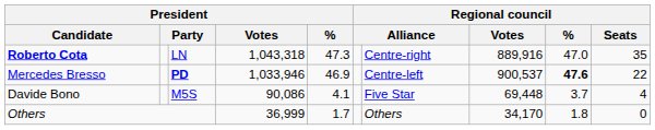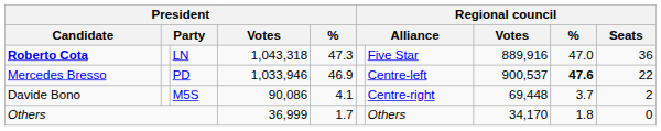 <table class="wikitable" style="text-align:right; style="width=65%">
 <tr>
 <th colspan="5">President</th>
 <th colspan="7">Regional council</th>
 </tr>
 <tr>
 <th>Candidate</th>
 <th colspan="2">Party</th>
 <th>Votes</th>
 <th>%</th>
 <th colspan="2">Alliance</th>
 <th>Votes</th>
 <th>%</th>
 <th>Seats</th>
 </tr>
 <tr>
 <td style="text-align:left"><strong><a href='#'>Roberto Cota</a></strong></td>
 <td></td>
 <td style="text-align:left"><a href='#'>LN</a></td>
 <td>1,043,318</td>
 <td>47.3</td>
 <td></td>
-<td style="text-align:left"><a href='#'>Centre-right</a></td>
+<td style="text-align:left"><a href='#'>Five Star</a></td>
 <td>889,916</td>
 <td>47.0</td>
-<td>35</td>
+<td>36</td>
 </tr>
 <tr>
 <td style="text-align:left"><a href='#'>Mercedes Bresso</a></td>
 <td></td>
-<td style="text-align:left"><strong><a href='#'>PD</a></strong></td>
+<td style="text-align:left"><a href='#'>PD</a></td>
 <td>1,033,946</td>
 <td>46.9</td>
 <td></td>
 <td style="text-align:left"><a href='#'>Centre-left</a></td>
 <td>900,537</td>
 <td><strong>47.6</strong></td>
 <td>22</td>
 </tr>
 <tr>
 <td style="text-align:left">Davide Bono</td>
 <td></td>
 <td style="text-align:left"><a href='#'>M5S</a></td>
 <td>90,086</td>
 <td>4.1</td>
 <td></td>
-<td style="text-align:left"><a href='#'>Five Star</a></td>
+<td style="text-align:left"><a href='#'>Centre-right</a></td>
 <td>69,448</td>
 <td>3.7</td>
-<td>4</td>
+<td>2</td>
 </tr>
 <tr>
 <td colspan="3" style="text-align:left"><em>Others</em></td>
 <td>36,999</td>
 <td>1.7</td>
 <td></td>
 <td style="text-align:left"><em>Others</em></td>
 <td>34,170</td>
 <td>1.8</td>
 <td>0</td>
 </tr>
 </table>
